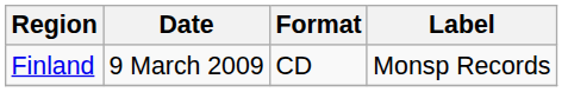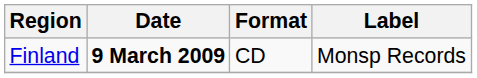 <table class=wikitable>
 <tr>
 <th>Region</th>
 <th>Date</th>
 <th>Format</th>
 <th>Label</th>
 </tr>
 <tr>
 <td><a href='#'>Finland</a></td>
-<td>9 March 2009</td>
+<td><strong>9 March 2009</strong></td>
 <td>CD</td>
 <td>Monsp Records</td>
 </tr>
 <tr>
 </tr>
 </table>
